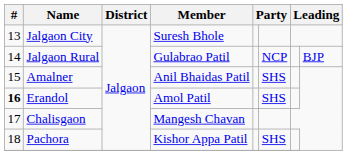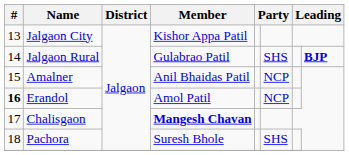 <table class="wikitable">
 <tr>
 <th>#</th>
 <th>Name</th>
 <th>District</th>
 <th>Member</th>
 <th colspan="2">Party</th>
 <th colspan=2>Leading<br></th>
 </tr>
 <tr>
 <td>13</td>
 <td><a href='#'>Jalgaon City</a></td>
 <td rowspan="6"><a href='#'>Jalgaon</a></td>
-<td><a href='#'>Suresh Bhole</a></td>
+<td><a href='#'>Kishor Appa Patil</a></td>
 <td></td>
 <td></td>
 </tr>
 <tr>
 <td>14</td>
 <td><a href='#'>Jalgaon Rural</a></td>
 <td><a href='#'>Gulabrao Patil</a></td>
 <td style="background-color: "></td>
-<td><a href='#'>NCP</a></td>
+<td><a href='#'>SHS</a></td>
 <td style="background-color: "></td>
-<td><a href='#'>BJP</a></td>
+<td><strong><a href='#'>BJP</a></strong></td>
 </tr>
 <tr>
 <td>15</td>
 <td><a href='#'>Amalner</a></td>
 <td><a href='#'>Anil Bhaidas Patil</a></td>
 <td style="background-color: "></td>
-<td><a href='#'>SHS</a></td>
+<td><a href='#'>NCP</a></td>
 <td></td>
 </tr>
 <tr>
 <td><strong>16</strong></td>
 <td><a href='#'>Erandol</a></td>
 <td><a href='#'>Amol Patil</a></td>
 <td style="background-color: "></td>
-<td><a href='#'>SHS</a></td>
+<td><a href='#'>NCP</a></td>
 <td></td>
 </tr>
 <tr>
 <td>17</td>
 <td><a href='#'>Chalisgaon</a></td>
-<td><a href='#'>Mangesh Chavan</a></td>
+<td><strong><a href='#'>Mangesh Chavan</a></strong></td>
 <td></td>
 <td></td>
 </tr>
 <tr>
 <td>18</td>
 <td><a href='#'>Pachora</a></td>
-<td><a href='#'>Kishor Appa Patil</a></td>
+<td><a href='#'>Suresh Bhole</a></td>
 <td style="background-color: "></td>
 <td><a href='#'>SHS</a></td>
 <td></td>
 </tr>
 <tr>
 </tr>
 </table>
